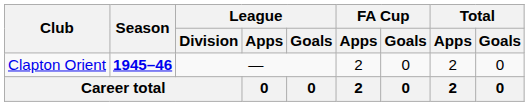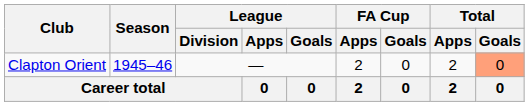 <table class="wikitable" style="text-align:center">
 <tr>
 <th rowspan="2">Club</th>
 <th rowspan="2">Season</th>
 <th colspan="3">League</th>
 <th colspan="2">FA Cup</th>
 <th colspan="2">Total</th>
 </tr>
 <tr>
 <th>Division</th>
 <th>Apps</th>
 <th>Goals</th>
 <th>Apps</th>
 <th>Goals</th>
 <th>Apps</th>
 <th>Goals</th>
 </tr>
 <tr>
 <td><a href='#'>Clapton Orient</a></td>
-<td><strong><a href='#'>1945–46</a></strong></td>
+<td><a href='#'>1945–46</a></td>
 <td colspan="3">―</td>
 <td>2</td>
 <td>0</td>
 <td>2</td>
-<td>0</td>
+<td style="background: lightsalmon;">0</td>
 </tr>
 <tr>
 <th colspan="3">Career total</th>
 <th>0</th>
 <th>0</th>
 <th>2</th>
 <th>0</th>
 <th>2</th>
 <th>0</th>
 </tr>
 </table>
